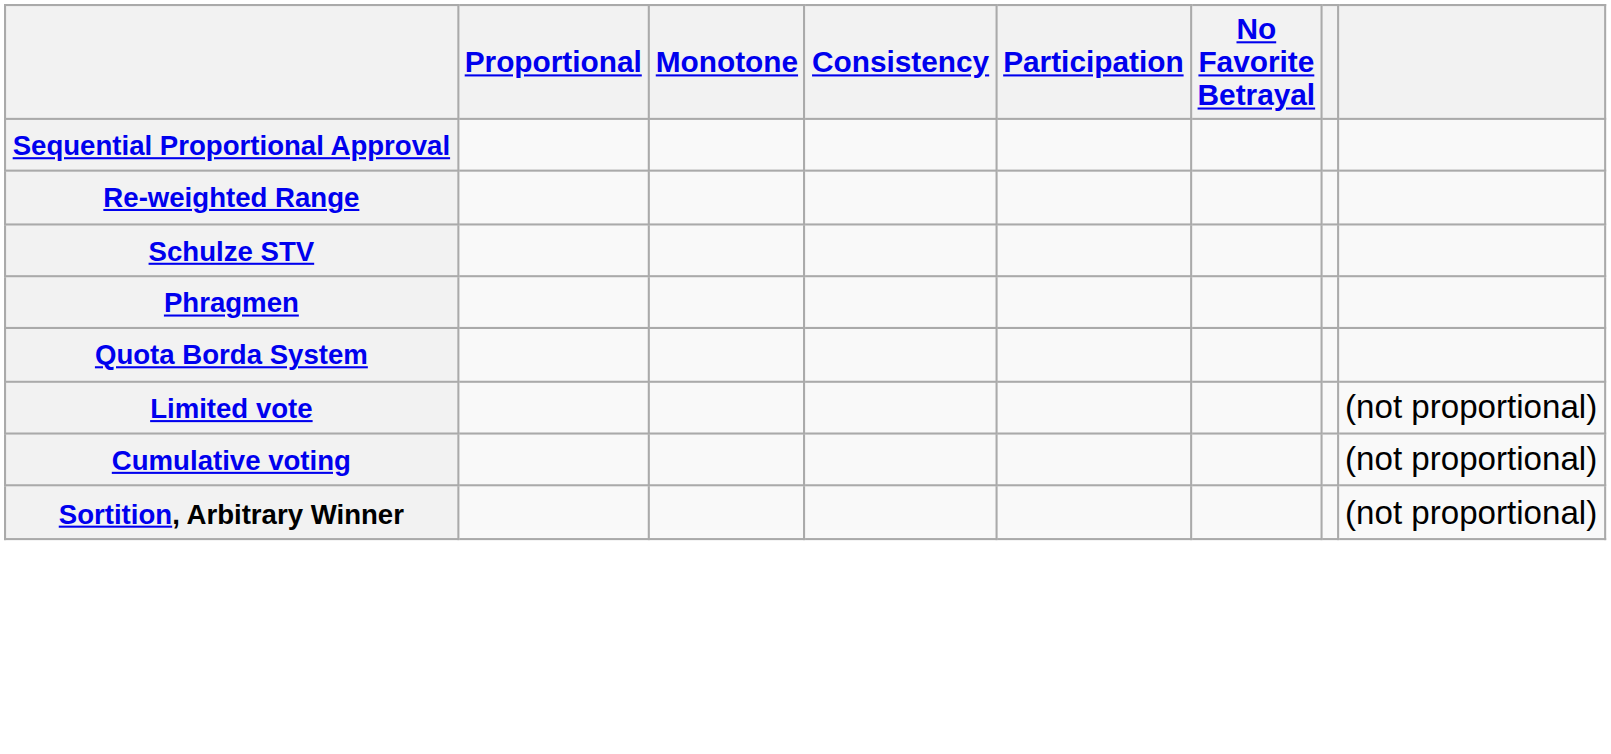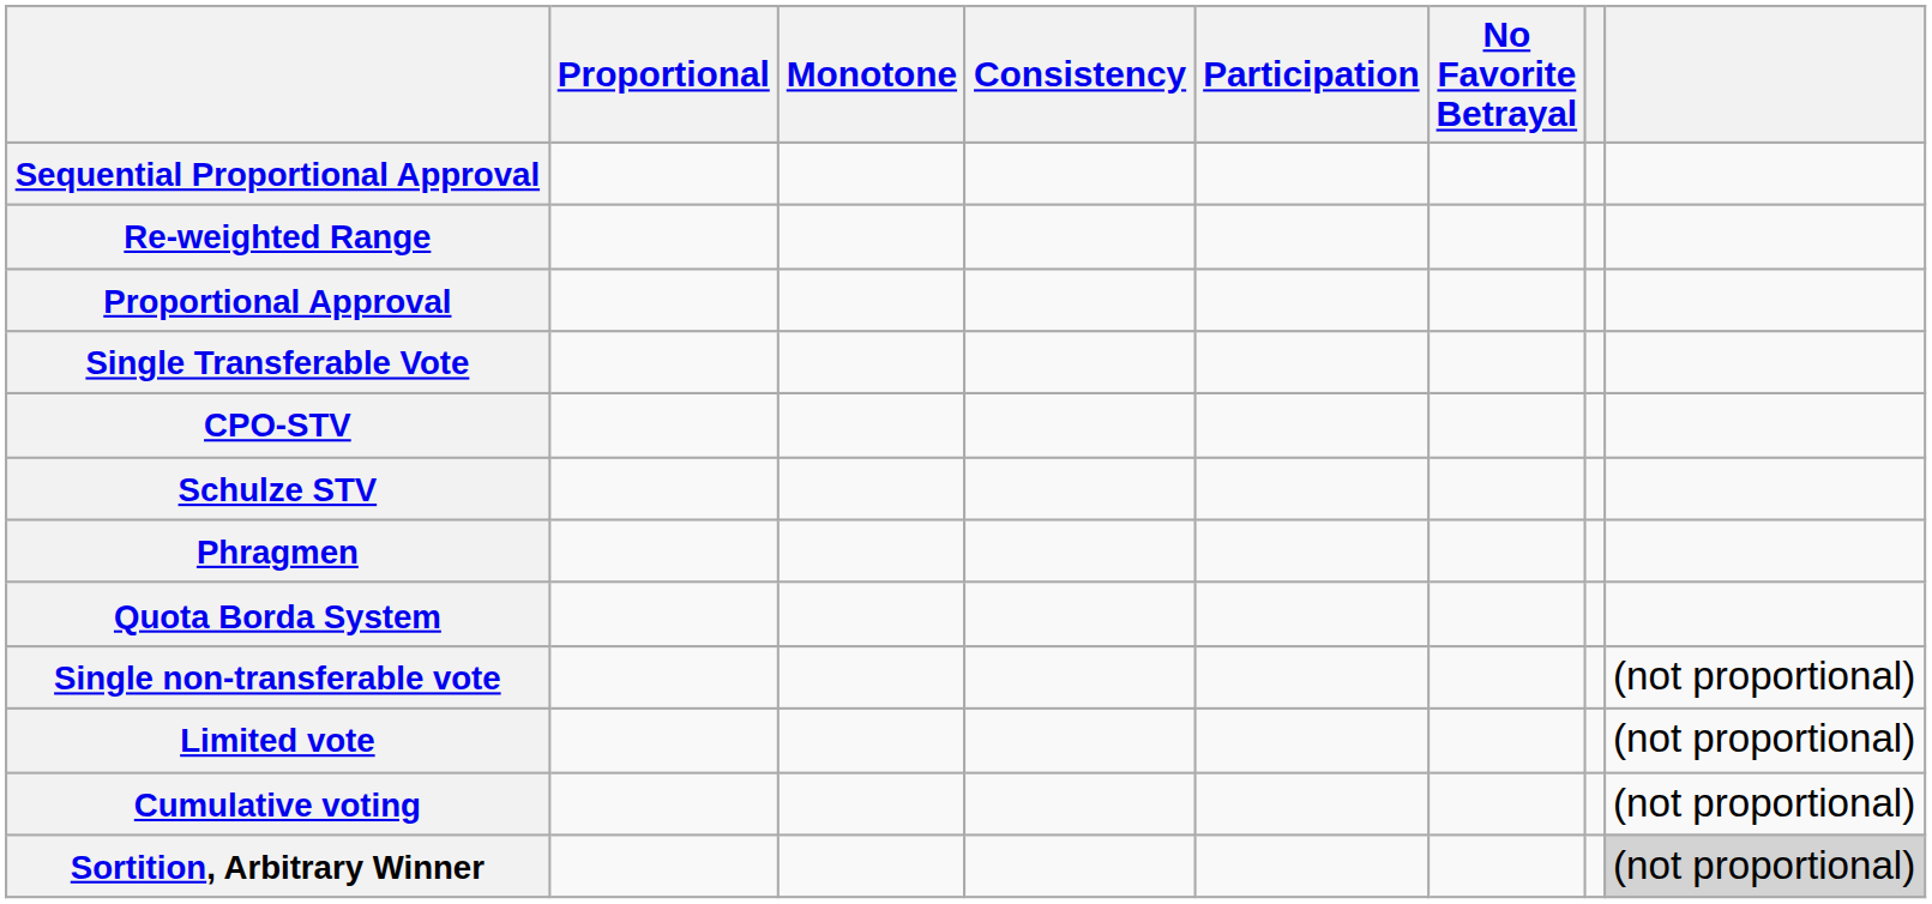 <table class="wikitable sortable" style="text-align:center">
 <tr style="font-size:90%;">
 <th></th>
 <th><a href='#'>Proportional</a></th>
 <th><a href='#'>Mono­tone</a></th>
 <th><a href='#'>Consis­tency</a></th>
 <th><a href='#'>Partici­pation</a></th>
 <th><a href='#'>No<br>Favorite<br>Betrayal</a></th>
 <th></th>
 <th></th>
 </tr>
 <tr>
 <th><small><a href='#'>Sequential Proportional Approval</a></small></th>
 <td></td>
 <td></td>
 <td></td>
 <td></td>
 <td></td>
 <td></td>
 <td></td>
 </tr>
 <tr>
 <th><small><a href='#'>Re-weighted Range</a></small></th>
+<td></td>
+<td></td>
+<td></td>
+<td></td>
+<td></td>
+<td></td>
+<td></td>
+</tr>
+<tr>
+<th><small><a href='#'>Proportional Approval</a></small></th>
+<td></td>
+<td></td>
+<td></td>
+<td></td>
+<td></td>
+<td></td>
+<td></td>
+</tr>
+<tr>
+<th><small><a href='#'>Single Transferable Vote</a></small></th>
+<td></td>
+<td></td>
+<td></td>
+<td></td>
+<td></td>
+<td></td>
+<td></td>
+</tr>
+<tr>
+<th><small><a href='#'>CPO-STV</a></small></th>
 <td></td>
 <td></td>
 <td></td>
 <td></td>
 <td></td>
 <td></td>
 <td></td>
 </tr>
 <tr>
 <th><small><a href='#'>Schulze STV</a></small></th>
 <td></td>
 <td></td>
 <td></td>
 <td></td>
 <td></td>
 <td></td>
 <td></td>
 </tr>
 <tr>
 <th><small><a href='#'>Phragmen</a></small></th>
 <td></td>
 <td></td>
 <td></td>
 <td></td>
 <td></td>
 <td></td>
 <td></td>
 </tr>
 <tr>
 <th><small><a href='#'>Quota Borda System</a></small></th>
 <td></td>
 <td></td>
 <td></td>
 <td></td>
 <td></td>
 <td></td>
 <td></td>
 </tr>
 <tr>
+<th><small><a href='#'>Single non-transferable vote</a></small></th>
+<td></td>
+<td></td>
+<td></td>
+<td></td>
+<td></td>
+<td></td>
+<td> (not proportional)</td>
+</tr>
+<tr>
 <th><small><a href='#'>Limited vote</a></small></th>
 <td></td>
 <td></td>
 <td></td>
 <td></td>
 <td></td>
 <td></td>
 <td> (not proportional)</td>
 </tr>
 <tr>
 <th><small><a href='#'>Cumulative voting</a></small></th>
 <td></td>
 <td></td>
 <td></td>
 <td></td>
 <td></td>
 <td></td>
 <td> (not proportional)</td>
 </tr>
 <tr>
 <th><small><a href='#'>Sortition</a>, Arbitrary Winner</small></th>
 <td></td>
 <td></td>
 <td></td>
 <td></td>
 <td></td>
 <td></td>
-<td> (not proportional)</td>
+<td style="background: lightgrey;"> (not proportional)</td>
 </tr>
 </table>
